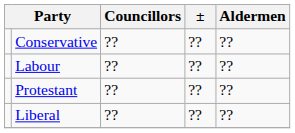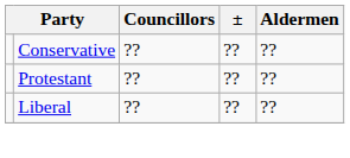 <table class="wikitable">
 <tr>
 <th colspan="2">Party</th>
 <th>Councillors</th>
 <th>  ±  </th>
 <th>Aldermen</th>
 </tr>
 <tr>
 <td style="background-color: "></td>
 <td><a href='#'>Conservative</a></td>
-<td>??</td>
-<td>??</td>
-<td>??</td>
-</tr>
-<tr>
-<td style="background-color: "></td>
-<td><a href='#'>Labour</a></td>
 <td>??</td>
 <td>??</td>
 <td>??</td>
 </tr>
 <tr>
 <td style="background-color: "></td>
 <td><a href='#'>Protestant</a></td>
 <td>??</td>
 <td>??</td>
 <td>??</td>
 </tr>
 <tr>
 <td style="background-color: "></td>
 <td><a href='#'>Liberal</a></td>
 <td>??</td>
 <td>??</td>
 <td>??</td>
 </tr>
 <tr>
 </tr>
 </table>
